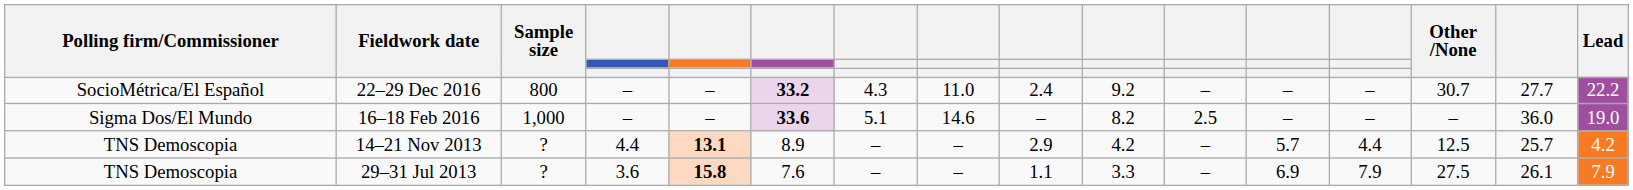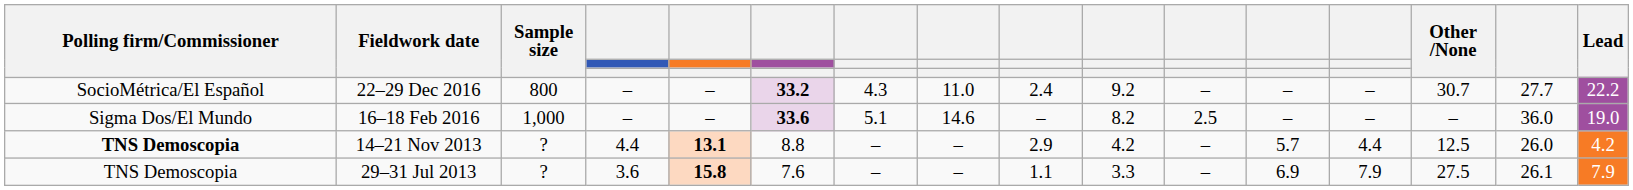 <table class="wikitable collapsible collapsed" style="text-align:center; font-size:90%; line-height:14px;">
 <tr style="height:42px;">
 <th style="width:260px;" rowspan="3">Polling firm/Commissioner</th>
 <th style="width:125px;" rowspan="3">Fieldwork date</th>
 <th style="width:60px;" rowspan="3">Sample size</th>
 <th style="width:60px;"></th>
 <th style="width:60px;"></th>
 <th style="width:60px;"></th>
 <th style="width:60px;"></th>
 <th style="width:60px;"></th>
 <th style="width:60px;"></th>
 <th style="width:60px;"></th>
 <th style="width:60px;"></th>
 <th style="width:60px;"></th>
 <th style="width:60px;"></th>
 <th style="width:60px;" rowspan="3">Other<br>/None</th>
 <th style="width:60px;" rowspan="3"></th>
 <th style="width:30px;" rowspan="3">Lead</th>
 </tr>
 <tr>
 <th style="color:inherit;background:#3259B6;"></th>
 <th style="color:inherit;background:#F77B25;"></th>
 <th style="color:inherit;background:#9F4F9F;"></th>
 <th style="color:inherit;background:"></th>
 <th style="color:inherit;background:"></th>
 <th style="color:inherit;background:"></th>
 <th style="color:inherit;background:"></th>
 <th style="color:inherit;background:"></th>
 <th style="color:inherit;background:"></th>
 <th style="color:inherit;background:"></th>
 </tr>
 <tr>
 <th></th>
 <th></th>
 <th></th>
 <th></th>
 <th></th>
 <th></th>
 <th></th>
 <th></th>
 <th></th>
 <th></th>
 </tr>
 <tr>
 <td>SocioMétrica/El Español</td>
 <td>22–29 Dec 2016</td>
 <td>800</td>
 <td>–</td>
 <td>–</td>
 <td style="color:inherit;background:#EAD5EA;"><strong>33.2</strong></td>
 <td>4.3</td>
 <td>11.0</td>
 <td>2.4</td>
 <td>9.2</td>
 <td>–</td>
 <td>–</td>
 <td>–</td>
 <td>30.7</td>
 <td>27.7</td>
 <td style="color:inherit;background:#9F4F9F; color:white;">22.2</td>
 </tr>
 <tr>
 <td>Sigma Dos/El Mundo</td>
 <td>16–18 Feb 2016</td>
 <td>1,000</td>
 <td>–</td>
 <td>–</td>
 <td style="color:inherit;background:#EAD5EA;"><strong>33.6</strong></td>
 <td>5.1</td>
 <td>14.6</td>
 <td>–</td>
 <td>8.2</td>
 <td>2.5</td>
 <td>–</td>
 <td>–</td>
 <td>–</td>
 <td>36.0</td>
 <td style="color:inherit;background:#9F4F9F; color:white;">19.0</td>
 </tr>
 <tr>
-<td>TNS Demoscopia</td>
+<td><strong>TNS Demoscopia</strong></td>
 <td>14–21 Nov 2013</td>
 <td>?</td>
 <td>4.4</td>
 <td style="color:inherit;background:#FDD9C1;"><strong>13.1</strong></td>
-<td>8.9</td>
+<td>8.8</td>
 <td>–</td>
 <td>–</td>
 <td>2.9</td>
 <td>4.2</td>
 <td>–</td>
 <td>5.7</td>
 <td>4.4</td>
 <td>12.5</td>
-<td>25.7</td>
+<td>26.0</td>
 <td style="color:inherit;background:#F77B25; color:white;">4.2</td>
 </tr>
 <tr>
 <td>TNS Demoscopia</td>
 <td>29–31 Jul 2013</td>
 <td>?</td>
 <td>3.6</td>
 <td style="color:inherit;background:#FDD9C1;"><strong>15.8</strong></td>
 <td>7.6</td>
 <td>–</td>
 <td>–</td>
 <td>1.1</td>
 <td>3.3</td>
 <td>–</td>
 <td>6.9</td>
 <td>7.9</td>
 <td>27.5</td>
 <td>26.1</td>
 <td style="color:inherit;background:#F77B25; color:white;">7.9</td>
 </tr>
 </table>
